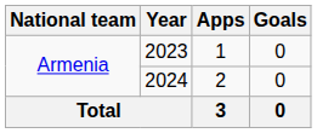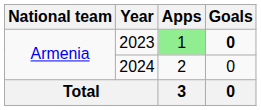 <table class="wikitable" style="text-align:center">
 <tr>
 <th>National team</th>
 <th>Year</th>
 <th>Apps</th>
 <th>Goals</th>
 </tr>
 <tr>
 <td rowspan="2"><a href='#'>Armenia</a></td>
 <td>2023</td>
-<td>1</td>
-<td>0</td>
+<td style="background: lightgreen;">1</td>
+<td><strong>0</strong></td>
 </tr>
 <tr>
 <td>2024</td>
 <td>2</td>
 <td>0</td>
 </tr>
 <tr>
 <th colspan="2">Total</th>
 <th>3</th>
 <th>0</th>
 </tr>
 </table>
